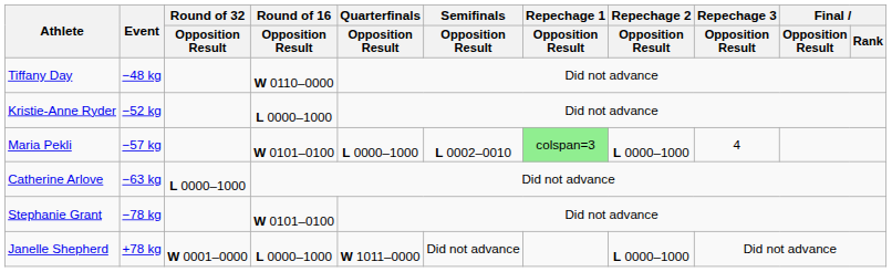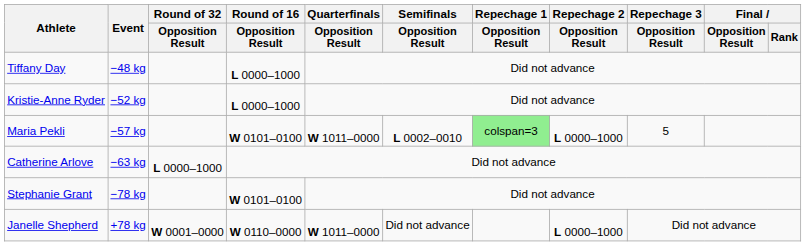 <table class="wikitable" style="font-size:90%">
 <tr>
 <th rowspan="2">Athlete</th>
 <th rowspan="2">Event</th>
 <th>Round of 32</th>
 <th>Round of 16</th>
 <th>Quarterfinals</th>
 <th>Semifinals</th>
 <th>Repechage 1</th>
 <th>Repechage 2</th>
 <th>Repechage 3</th>
 <th colspan=2>Final / </th>
 </tr>
 <tr style="font-size:95%">
 <th>Opposition<br>Result</th>
 <th>Opposition<br>Result</th>
 <th>Opposition<br>Result</th>
 <th>Opposition<br>Result</th>
 <th>Opposition<br>Result</th>
 <th>Opposition<br>Result</th>
 <th>Opposition<br>Result</th>
 <th>Opposition<br>Result</th>
 <th>Rank</th>
 </tr>
 <tr align=center>
 <td align=left><a href='#'>Tiffany Day</a></td>
 <td align=left><a href='#'>−48 kg</a></td>
 <td></td>
-<td> <br><strong>W</strong> 0110–0000</td>
+<td><br><strong>L</strong> 0000–1000</td>
 <td colspan=7>Did not advance</td>
 </tr>
 <tr align=center>
 <td align=left><a href='#'>Kristie-Anne Ryder</a></td>
 <td align=left><a href='#'>−52 kg</a></td>
 <td></td>
 <td><br><strong>L</strong> 0000–1000</td>
 <td colspan=7>Did not advance</td>
 </tr>
 <tr align=center>
 <td align=left><a href='#'>Maria Pekli</a></td>
 <td align=left><a href='#'>−57 kg</a></td>
 <td></td>
 <td><br><strong>W</strong> 0101–0100</td>
-<td><br><strong>L</strong> 0000–1000</td>
+<td><br><strong>W</strong> 1011–0000</td>
 <td><br><strong>L</strong> 0002–0010</td>
 <td style="background: lightgreen;">colspan=3 </td>
 <td><br><strong>L</strong> 0000–1000</td>
-<td>4</td>
+<td>5</td>
 </tr>
 <tr align=center>
 <td align=left><a href='#'>Catherine Arlove</a></td>
 <td align=left><a href='#'>−63 kg</a></td>
 <td><br><strong>L</strong> 0000–1000</td>
 <td colspan=8>Did not advance</td>
 </tr>
 <tr align=center>
 <td align=left><a href='#'>Stephanie Grant</a></td>
 <td align=left><a href='#'>−78 kg</a></td>
 <td></td>
 <td><br><strong>W</strong> 0101–0100</td>
 <td colspan=7>Did not advance</td>
 </tr>
 <tr align=center>
 <td align=left><a href='#'>Janelle Shepherd</a></td>
 <td align=left><a href='#'>+78 kg</a></td>
 <td><br><strong>W</strong> 0001–0000</td>
-<td><br><strong>L</strong> 0000–1000</td>
+<td> <br><strong>W</strong> 0110–0000</td>
 <td><br><strong>W</strong> 1011–0000</td>
 <td>Did not advance</td>
 <td></td>
 <td><br><strong>L</strong> 0000–1000</td>
 <td colspan=3>Did not advance</td>
 </tr>
 </table>
